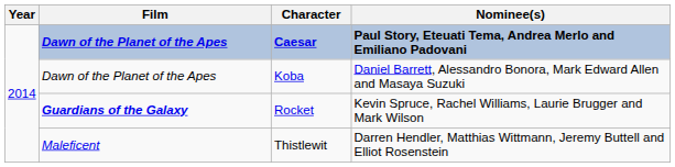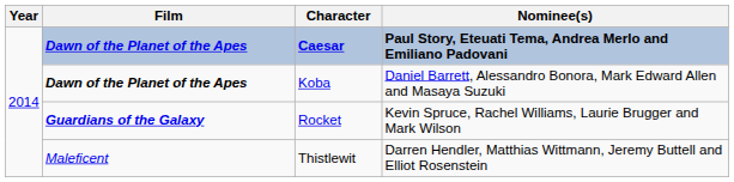 <table class="wikitable" width="95%" cellpadding="5">
 <tr>
 <th width="5%">Year</th>
 <th width="35%">Film</th>
 <th width="12%">Character</th>
 <th width="50%">Nominee(s)</th>
 </tr>
 <tr>
 <td rowspan="4" style="text-align:center;"><a href='#'>2014</a><br></td>
 <td style="background:#B0C4DE;"><strong><em><a href='#'>Dawn of the Planet of the Apes</a></em></strong></td>
 <td style="background:#B0C4DE;"><strong><a href='#'>Caesar</a></strong></td>
 <td style="background:#B0C4DE;"><strong>Paul Story, Eteuati Tema, Andrea Merlo and Emiliano Padovani</strong></td>
 </tr>
 <tr>
-<td><em>Dawn of the Planet of the Apes</em></td>
+<td><strong><em>Dawn of the Planet of the Apes</em></strong></td>
 <td><a href='#'>Koba</a></td>
 <td><a href='#'>Daniel Barrett</a>, Alessandro Bonora, Mark Edward Allen and Masaya Suzuki</td>
 </tr>
 <tr>
 <td><strong><em><a href='#'>Guardians of the Galaxy</a></em></strong></td>
 <td><a href='#'>Rocket</a></td>
 <td>Kevin Spruce, Rachel Williams, Laurie Brugger and Mark Wilson</td>
 </tr>
 <tr>
 <td><em><a href='#'>Maleficent</a></em></td>
 <td>Thistlewit</td>
 <td>Darren Hendler, Matthias Wittmann, Jeremy Buttell and Elliot Rosenstein</td>
 </tr>
 </table>
